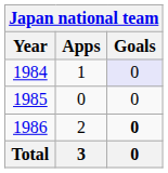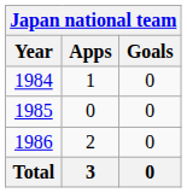 <table class="wikitable" style="text-align:center">
 <tr>
 <th colspan=3><a href='#'>Japan national team</a></th>
 </tr>
 <tr>
 <th>Year</th>
 <th>Apps</th>
 <th>Goals</th>
 </tr>
 <tr>
 <td><a href='#'>1984</a></td>
 <td>1</td>
-<td style="background: lavender;">0</td>
+<td>0</td>
 </tr>
 <tr>
 <td><a href='#'>1985</a></td>
 <td>0</td>
 <td>0</td>
 </tr>
 <tr>
 <td><a href='#'>1986</a></td>
 <td>2</td>
-<td><strong>0</strong></td>
+<td>0</td>
 </tr>
 <tr>
 <th>Total</th>
 <th>3</th>
 <th>0</th>
 </tr>
 </table>
